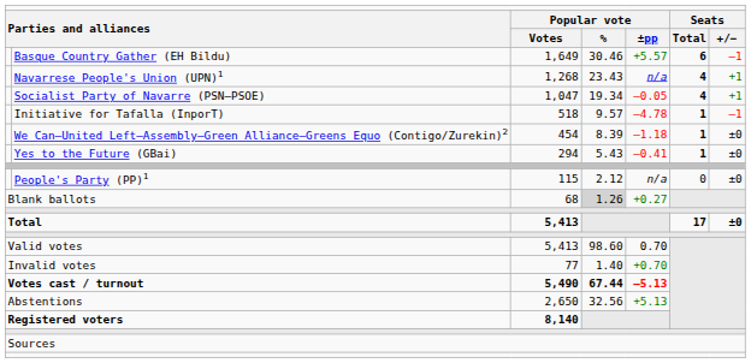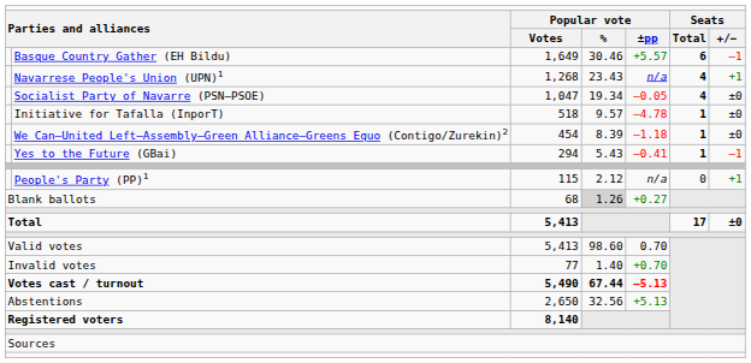 <table class="wikitable" style="text-align:right;">
 <tr>
 <td colspan="7"></td>
 </tr>
 <tr>
 <th style="text-align:left;" rowspan="2" colspan="2" width="525">Parties and alliances</th>
 <th colspan="3">Popular vote</th>
 <th colspan="2">Seats</th>
 </tr>
 <tr>
 <th width="75">Votes</th>
 <th width="45">%</th>
 <th width="45">±<a href='#'>pp</a></th>
 <th width="35">Total</th>
 <th width="35">+/−</th>
 </tr>
 <tr>
 <td width="1" style="color:inherit;background:"></td>
 <td align="left"><a href='#'>Basque Country Gather</a> (EH Bildu)</td>
 <td>1,649</td>
 <td>30.46</td>
 <td style="color:green;">+5.57</td>
 <td><strong>6</strong></td>
 <td style="color:red;">–1</td>
 </tr>
 <tr>
 <td style="color:inherit;background:"></td>
 <td align="left"><a href='#'>Navarrese People's Union</a> (UPN)<sup>1</sup></td>
 <td>1,268</td>
 <td>23.43</td>
 <td><em><a href='#'>n/a</a></em></td>
 <td><strong>4</strong></td>
 <td style="color:green;">+1</td>
 </tr>
 <tr>
 <td style="color:inherit;background:"></td>
 <td align="left"><a href='#'>Socialist Party of Navarre</a> (PSN–PSOE)</td>
 <td>1,047</td>
 <td>19.34</td>
 <td style="color:red;">–0.05</td>
 <td><strong>4</strong></td>
-<td style="color:green;">+1</td>
+<td>±0</td>
 </tr>
 <tr>
 <td style="color:inherit;background:"></td>
 <td align="left">Initiative for Tafalla (InporT)</td>
 <td>518</td>
 <td>9.57</td>
 <td style="color:red;">–4.78</td>
 <td><strong>1</strong></td>
-<td style="color:red;">–1</td>
+<td>±0</td>
 </tr>
 <tr>
 <td style="color:inherit;background:"></td>
 <td align="left"><a href='#'>We Can–United Left–Assembly–Green Alliance–Greens Equo</a> (Contigo/Zurekin)<sup>2</sup></td>
 <td>454</td>
 <td>8.39</td>
 <td style="color:red;">–1.18</td>
 <td><strong>1</strong></td>
 <td>±0</td>
 </tr>
 <tr>
 <td style="color:inherit;background:"></td>
 <td align="left"><a href='#'>Yes to the Future</a> (GBai)</td>
 <td>294</td>
 <td>5.43</td>
 <td style="color:red;">–0.41</td>
 <td><strong>1</strong></td>
-<td>±0</td>
+<td style="color:red;">–1</td>
 </tr>
 <tr>
 <td colspan="7" bgcolor="#C0C0C0"></td>
 </tr>
 <tr>
 <td style="color:inherit;background:"></td>
 <td align="left"><a href='#'>People's Party</a> (PP)<sup>1</sup></td>
 <td>115</td>
 <td>2.12</td>
 <td><em>n/a</em></td>
 <td>0</td>
-<td>±0</td>
+<td style="color:green;">+1</td>
 </tr>
 <tr>
 <td align="left" colspan="2">Blank ballots</td>
 <td>68</td>
 <td style="background: lightgrey;">1.26</td>
 <td style="color:green;">+0.27</td>
 <td bgcolor="#E9E9E9" colspan="2"></td>
 </tr>
 <tr>
 <td colspan="7" bgcolor="#E9E9E9"></td>
 </tr>
 <tr style="font-weight:bold;">
 <td align="left" colspan="2">Total</td>
 <td>5,413</td>
 <td bgcolor="#E9E9E9" colspan="2"></td>
 <td>17</td>
 <td>±0</td>
 </tr>
 <tr>
 <td colspan="7" bgcolor="#E9E9E9"></td>
 </tr>
 <tr>
 <td align="left" colspan="2">Valid votes</td>
 <td>5,413</td>
 <td>98.60</td>
 <td>0.70</td>
 <td bgcolor="#E9E9E9" colspan="2" rowspan="5"></td>
 </tr>
 <tr>
 <td align="left" colspan="2">Invalid votes</td>
 <td>77</td>
 <td>1.40</td>
 <td style="color:green;">+0.70</td>
 </tr>
 <tr style="font-weight:bold;">
 <td align="left" colspan="2">Votes cast / turnout</td>
 <td>5,490</td>
 <td>67.44</td>
 <td style="color:red;">–5.13</td>
 </tr>
 <tr>
 <td align="left" colspan="2">Abstentions</td>
 <td>2,650</td>
 <td>32.56</td>
 <td style="color:green;">+5.13</td>
 </tr>
 <tr style="font-weight:bold;">
 <td align="left" colspan="2">Registered voters</td>
 <td>8,140</td>
 <td bgcolor="#E9E9E9" colspan="2"></td>
 </tr>
 <tr>
 <td colspan="7" bgcolor="#E9E9E9"></td>
 </tr>
 <tr>
 <td align="left" colspan="7">Sources</td>
 </tr>
 <tr>
 <td colspan="7" style="text-align:left; max-width:790px;"></td>
 </tr>
 </table>
